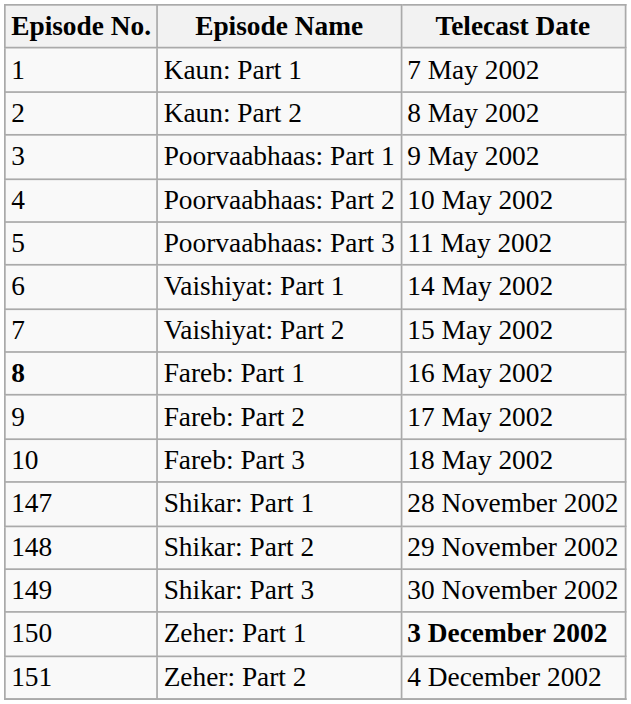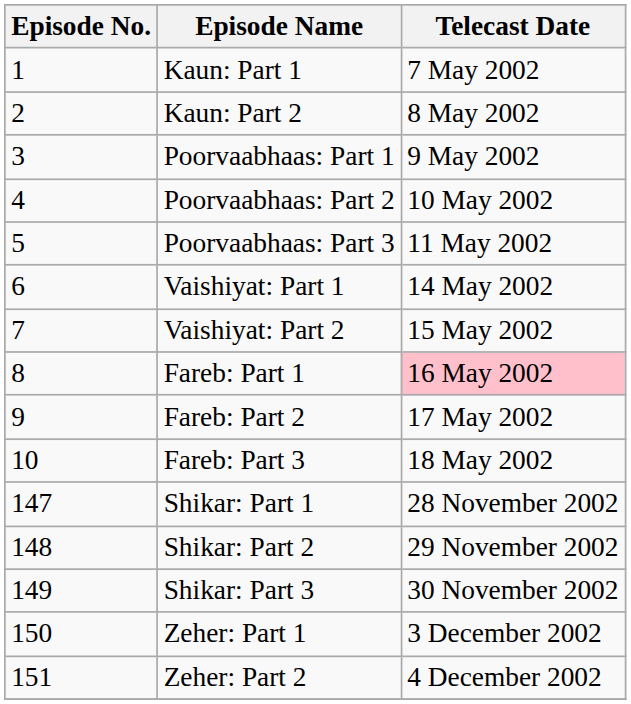 <table class="wikitable sortable">
 <tr>
 <th>Episode No.</th>
 <th>Episode Name</th>
 <th>Telecast Date</th>
 </tr>
 <tr>
 <td>1</td>
 <td>Kaun: Part 1</td>
 <td>7 May 2002</td>
 </tr>
 <tr>
 <td>2</td>
 <td>Kaun: Part 2</td>
 <td>8 May 2002</td>
 </tr>
 <tr>
 <td>3</td>
 <td>Poorvaabhaas: Part 1</td>
 <td>9 May 2002</td>
 </tr>
 <tr>
 <td>4</td>
 <td>Poorvaabhaas: Part 2</td>
 <td>10 May 2002</td>
 </tr>
 <tr>
 <td>5</td>
 <td>Poorvaabhaas: Part 3</td>
 <td>11 May 2002</td>
 </tr>
 <tr>
 <td>6</td>
 <td>Vaishiyat: Part 1</td>
 <td>14 May 2002</td>
 </tr>
 <tr>
 <td>7</td>
 <td>Vaishiyat: Part 2</td>
 <td>15 May 2002</td>
 </tr>
 <tr>
-<td><strong>8</strong></td>
+<td>8</td>
 <td>Fareb: Part 1</td>
-<td>16 May 2002</td>
+<td style="background: pink;">16 May 2002</td>
 </tr>
 <tr>
 <td>9</td>
 <td>Fareb: Part 2</td>
 <td>17 May 2002</td>
 </tr>
 <tr>
 <td>10</td>
 <td>Fareb: Part 3</td>
 <td>18 May 2002</td>
 </tr>
 <tr>
 <td>147</td>
 <td>Shikar: Part 1</td>
 <td>28 November 2002</td>
 </tr>
 <tr>
 <td>148</td>
 <td>Shikar: Part 2</td>
 <td>29 November 2002</td>
 </tr>
 <tr>
 <td>149</td>
 <td>Shikar: Part 3</td>
 <td>30 November 2002</td>
 </tr>
 <tr>
 <td>150</td>
 <td>Zeher: Part 1</td>
-<td><strong>3 December 2002</strong></td>
+<td>3 December 2002</td>
 </tr>
 <tr>
 <td>151</td>
 <td>Zeher: Part 2</td>
 <td>4 December 2002</td>
 </tr>
 <tr>
 </tr>
 </table>
